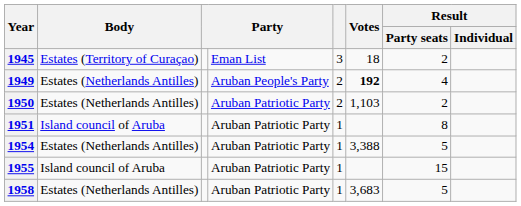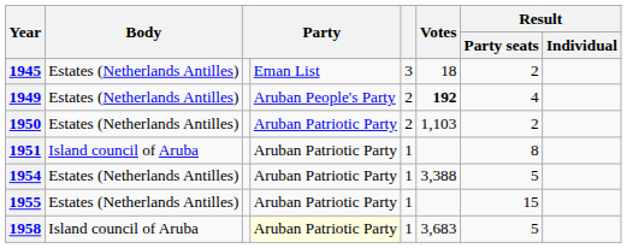 <table class="wikitable plainrowheaders sortable" border=2 cellpadding=4 cellspacing=0 style="border: 1px #aaa solid; font-size: 90%;">
 <tr>
 <th scope="col" rowspan=2>Year</th>
 <th scope="col" rowspan=2>Body</th>
 <th scope="col" colspan=2 rowspan=2>Party</th>
 <th scope="col" rowspan=2></th>
 <th scope="col" rowspan=2>Votes</th>
 <th scope="colgroup" colspan=2>Result</th>
 </tr>
 <tr>
 <th scope="col">Party seats</th>
 <th scope="col">Individual</th>
 </tr>
 <tr>
 <th scope="row" style=text-align:center><a href='#'>1945</a></th>
-<td><a href='#'>Estates</a> (<a href='#'>Territory of Curaçao</a>)</td>
+<td>Estates (<a href='#'>Netherlands Antilles</a>)</td>
 <td style="background-color:"></td>
 <td><a href='#'>Eman List</a></td>
 <td style=text-align:right>3</td>
 <td style=text-align:right>18</td>
 <td style=text-align:right>2</td>
 <td></td>
 </tr>
 <tr>
 <th scope="row" style=text-align:center><a href='#'>1949</a></th>
 <td>Estates (<a href='#'>Netherlands Antilles</a>)</td>
 <td style="background-color:"></td>
 <td><a href='#'>Aruban People's Party</a></td>
 <td style=text-align:right>2</td>
 <td style=text-align:right><strong>192</strong></td>
 <td style=text-align:right>4</td>
 <td></td>
 </tr>
 <tr>
 <th scope="row" style=text-align:center><a href='#'>1950</a></th>
 <td>Estates (Netherlands Antilles)</td>
 <td style="background-color:"></td>
 <td><a href='#'>Aruban Patriotic Party</a></td>
 <td style=text-align:right>2</td>
 <td style=text-align:right>1,103</td>
 <td style=text-align:right>2</td>
 <td></td>
 </tr>
 <tr>
 <th scope="row" style=text-align:center><a href='#'>1951</a></th>
 <td><a href='#'>Island council</a> of <a href='#'>Aruba</a></td>
 <td style="background-color:"></td>
 <td>Aruban Patriotic Party</td>
 <td style=text-align:right>1</td>
 <td style=text-align:right></td>
 <td style=text-align:right>8</td>
 <td></td>
 </tr>
 <tr>
 <th scope="row" style=text-align:center><a href='#'>1954</a></th>
 <td>Estates (Netherlands Antilles)</td>
 <td style="background-color:"></td>
 <td>Aruban Patriotic Party</td>
 <td style=text-align:right>1</td>
 <td style=text-align:right>3,388</td>
 <td style=text-align:right>5</td>
 <td></td>
 </tr>
 <tr>
 <th scope="row" style=text-align:center><a href='#'>1955</a></th>
-<td>Island council of Aruba</td>
+<td>Estates (Netherlands Antilles)</td>
 <td style="background-color:"></td>
 <td>Aruban Patriotic Party</td>
 <td style=text-align:right>1</td>
 <td style=text-align:right></td>
 <td style=text-align:right>15</td>
 <td></td>
 </tr>
 <tr>
 <th scope="row" style=text-align:center><a href='#'>1958</a></th>
-<td>Estates (Netherlands Antilles)</td>
+<td>Island council of Aruba</td>
 <td style="background-color:"></td>
-<td>Aruban Patriotic Party</td>
+<td style="background: lightyellow;">Aruban Patriotic Party</td>
 <td style=text-align:right>1</td>
 <td style=text-align:right>3,683</td>
 <td style=text-align:right>5</td>
 <td></td>
 </tr>
 </table>
